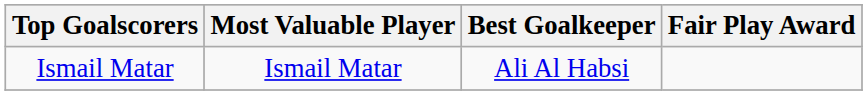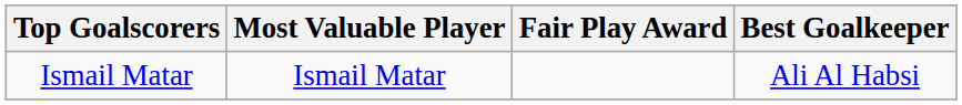 <table class="wikitable" style="text-align: center; margin: 0 auto;">
 <tr>
 <th>Top Goalscorers</th>
 <th>Most Valuable Player</th>
+<th>Fair Play Award</th>
 <th>Best Goalkeeper</th>
-<th>Fair Play Award</th>
 </tr>
 <tr>
 <td> <a href='#'>Ismail Matar</a></td>
 <td> <a href='#'>Ismail Matar</a></td>
+<td></td>
 <td> <a href='#'>Ali Al Habsi</a></td>
-<td></td>
 </tr>
 </table>
